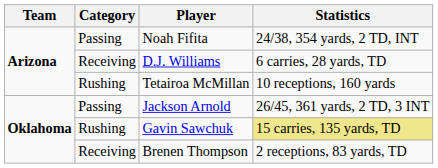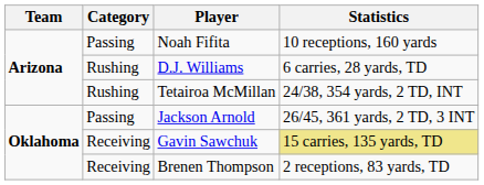 <table class="wikitable" style="float: right;">
 <tr>
 <th>Team</th>
 <th>Category</th>
 <th>Player</th>
 <th>Statistics</th>
 </tr>
 <tr>
 <td rowspan=3><strong>Arizona</strong></td>
 <td>Passing</td>
 <td>Noah Fifita</td>
-<td>24/38, 354 yards, 2 TD, INT</td>
+<td>10 receptions, 160 yards</td>
 </tr>
 <tr>
-<td>Receiving</td>
+<td>Rushing</td>
 <td><a href='#'>D.J. Williams</a></td>
 <td>6 carries, 28 yards, TD</td>
 </tr>
 <tr>
 <td>Rushing</td>
 <td>Tetairoa McMillan</td>
-<td>10 receptions, 160 yards</td>
+<td>24/38, 354 yards, 2 TD, INT</td>
 </tr>
 <tr>
 <td rowspan=3><strong>Oklahoma</strong></td>
 <td>Passing</td>
 <td><a href='#'>Jackson Arnold</a></td>
 <td>26/45, 361 yards, 2 TD, 3 INT</td>
 </tr>
 <tr>
-<td>Rushing</td>
+<td>Receiving</td>
 <td><a href='#'>Gavin Sawchuk</a></td>
 <td style="background: khaki;">15 carries, 135 yards, TD</td>
 </tr>
 <tr>
 <td>Receiving</td>
 <td>Brenen Thompson</td>
 <td>2 receptions, 83 yards, TD</td>
 </tr>
 </table>
